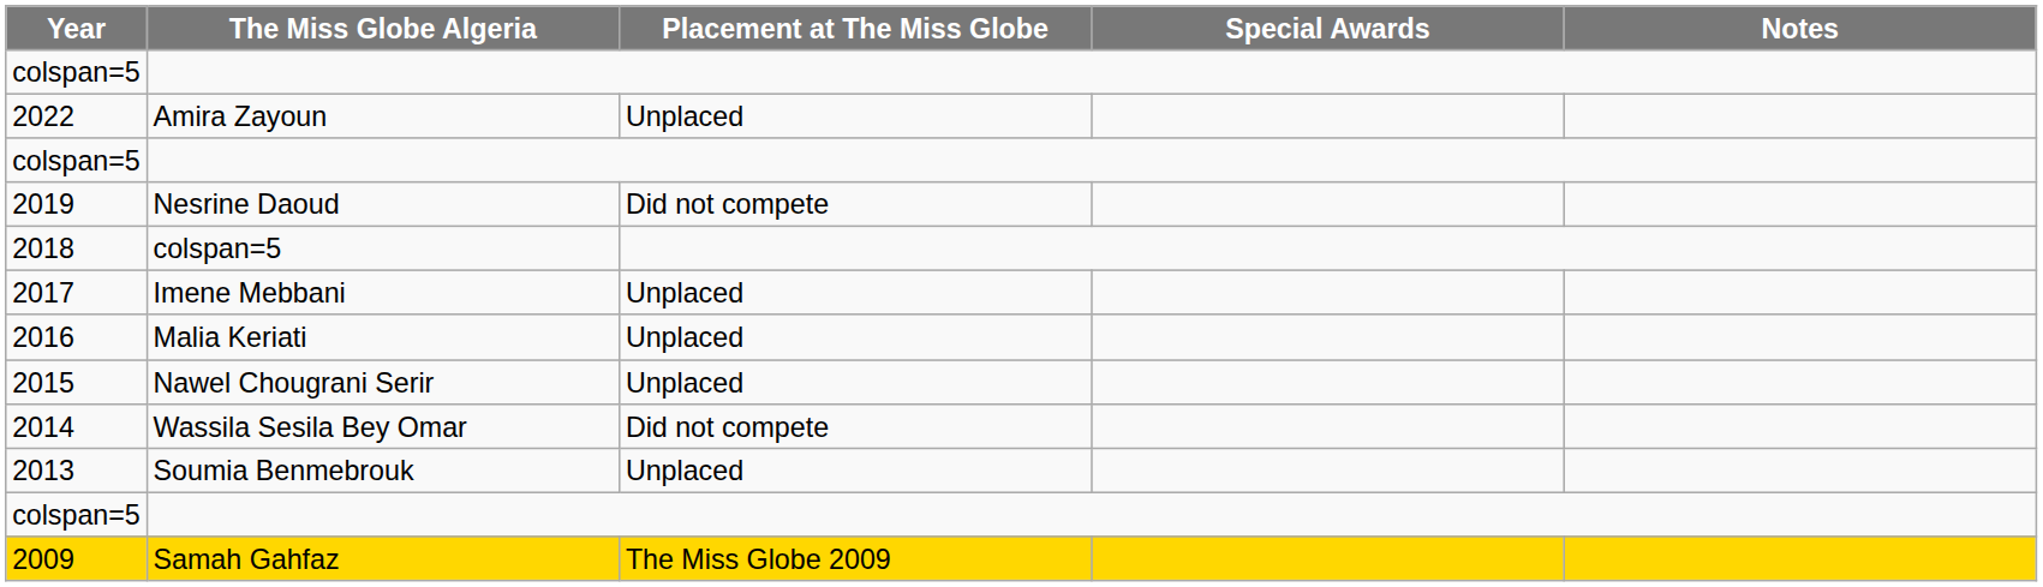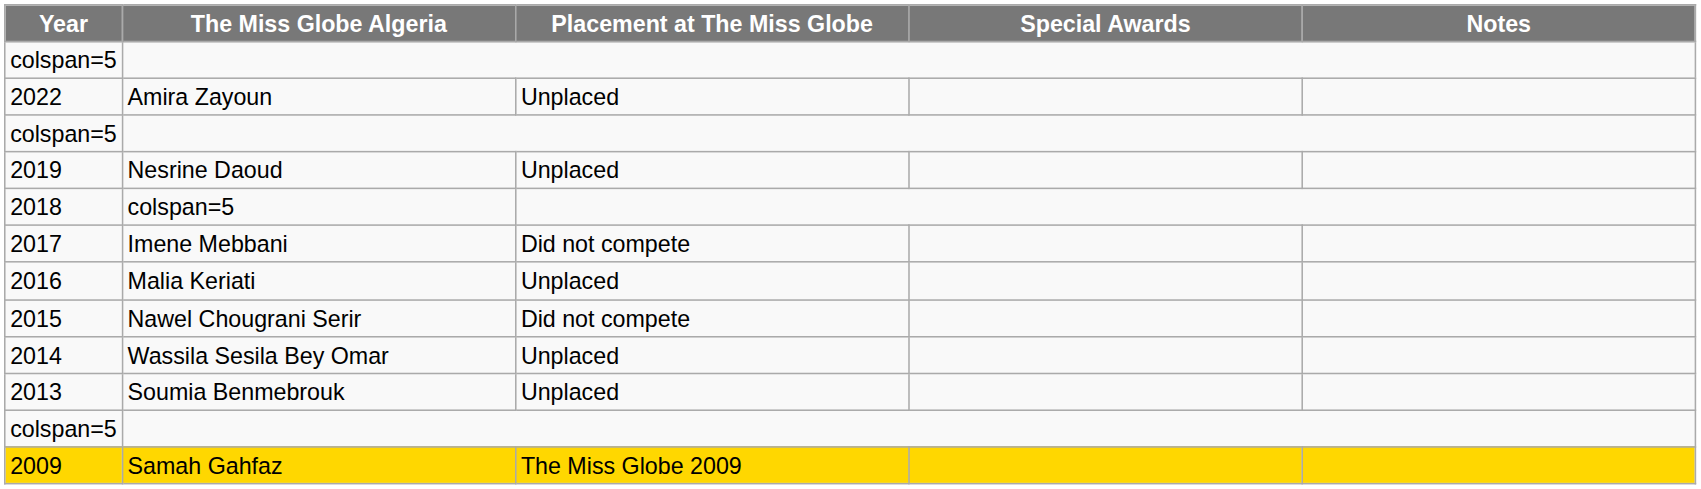 <table class="wikitable " style="font-size: 95%;">
 <tr>
 <th width="60" style="background-color:#787878;color:#FFFFFF;">Year</th>
 <th width="250" style="background-color:#787878;color:#FFFFFF;">The Miss Globe Algeria</th>
 <th width="250" style="background-color:#787878;color:#FFFFFF;">Placement at The Miss Globe</th>
 <th width="250" style="background-color:#787878;color:#FFFFFF;">Special Awards</th>
 <th width="250" style="background-color:#787878;color:#FFFFFF;">Notes</th>
 </tr>
 <tr>
 <td>colspan=5 </td>
 </tr>
 <tr>
 <td>2022</td>
 <td>Amira Zayoun</td>
 <td>Unplaced</td>
 <td></td>
 <td></td>
 </tr>
 <tr>
 <td>colspan=5 </td>
 </tr>
 <tr>
 <td>2019</td>
 <td>Nesrine Daoud</td>
-<td>Did not compete</td>
+<td>Unplaced</td>
 <td></td>
 <td></td>
 </tr>
 <tr>
 <td>2018</td>
 <td>colspan=5 </td>
 </tr>
 <tr>
 <td>2017</td>
 <td>Imene Mebbani</td>
-<td>Unplaced</td>
+<td>Did not compete</td>
 <td></td>
 <td></td>
 </tr>
 <tr>
 <td>2016</td>
 <td>Malia Keriati</td>
 <td>Unplaced</td>
 <td></td>
 <td></td>
 </tr>
 <tr>
 <td>2015</td>
 <td>Nawel Chougrani Serir</td>
-<td>Unplaced</td>
+<td>Did not compete</td>
 <td></td>
 <td></td>
 </tr>
 <tr>
 <td>2014</td>
 <td>Wassila Sesila Bey Omar</td>
-<td>Did not compete</td>
+<td>Unplaced</td>
 <td></td>
 <td></td>
 </tr>
 <tr>
 <td>2013</td>
 <td>Soumia Benmebrouk</td>
 <td>Unplaced</td>
 <td></td>
 <td></td>
 </tr>
 <tr>
 <td>colspan=5 </td>
 </tr>
 <tr style="background-color:gold; ">
 <td>2009</td>
 <td>Samah Gahfaz</td>
 <td>The Miss Globe 2009</td>
 <td></td>
 <td></td>
 </tr>
 </table>
